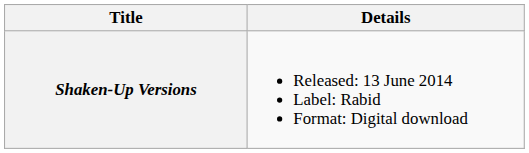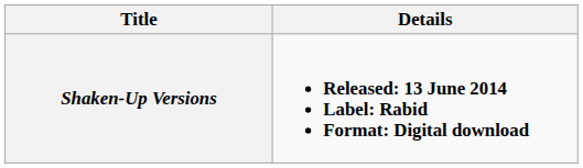 <table class="wikitable plainrowheaders">
 <tr>
 <th scope="col" style="width:14em;">Title</th>
 <th scope="col" style="width:16em;">Details</th>
 </tr>
 <tr>
 <th scope="row"><em>Shaken-Up Versions</em></th>
-<td><br><ul><li>Released: 13 June 2014</li><li>Label: Rabid</li><li>Format: Digital download</li></ul></td>
+<td><strong><br><ul><li>Released: 13 June 2014</li><li>Label: Rabid</li><li>Format: Digital download</li></ul></strong></td>
 </tr>
 </table>
